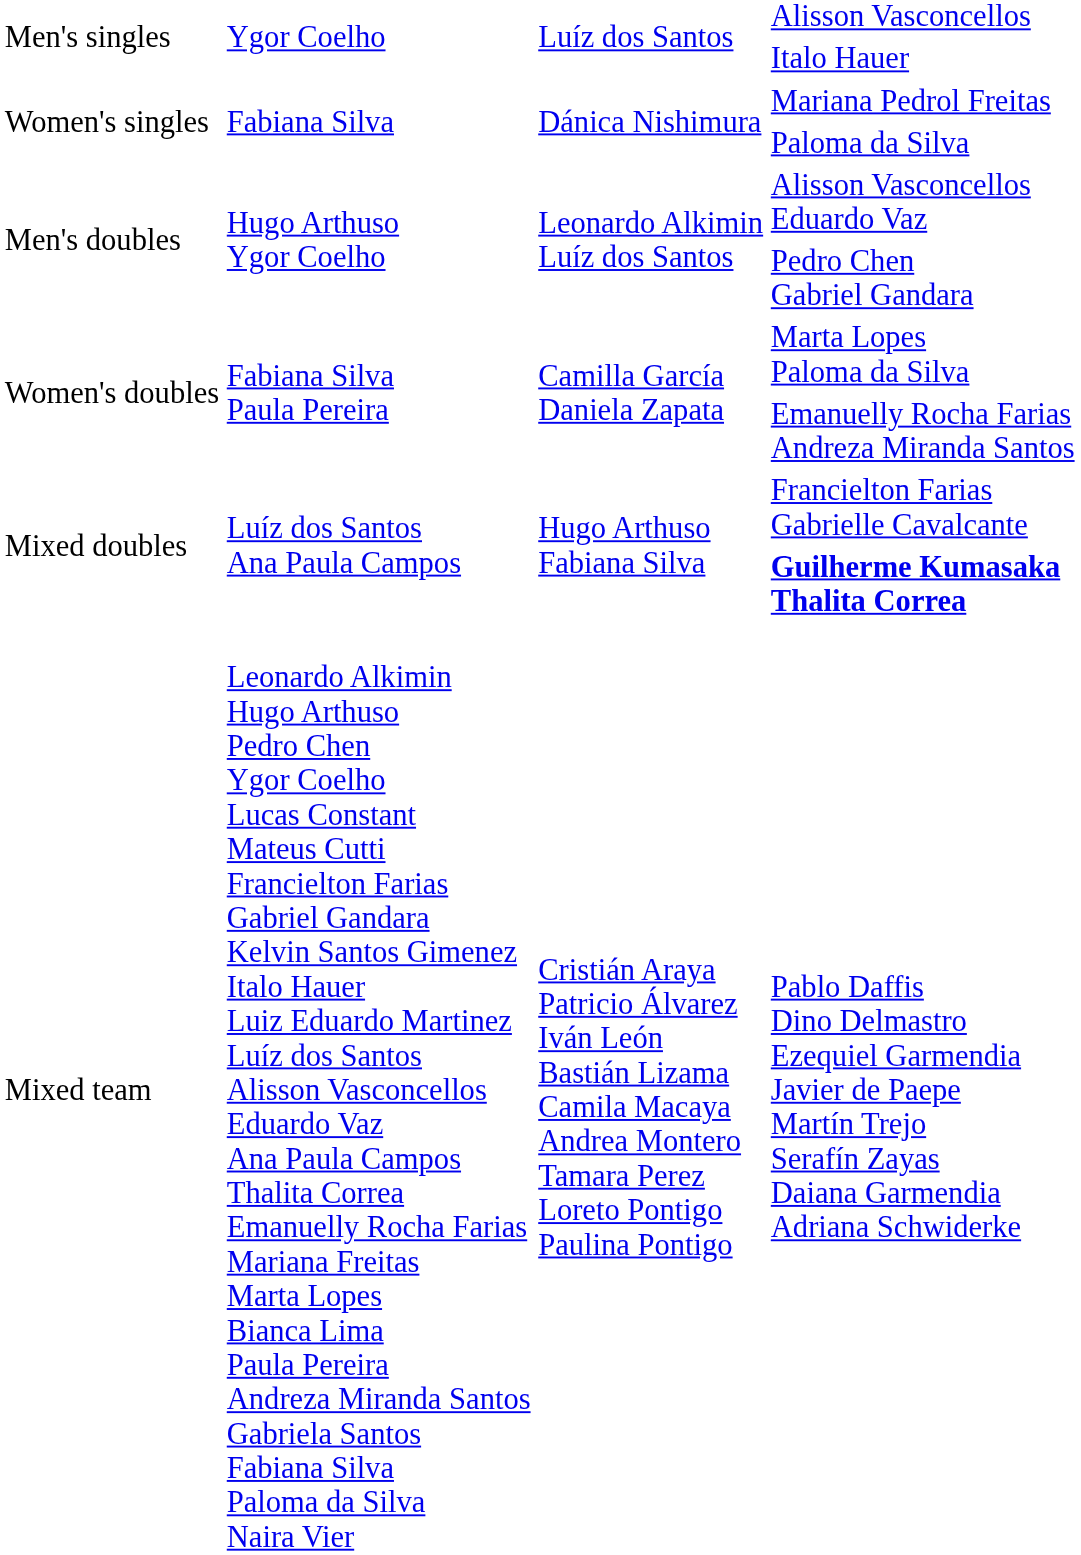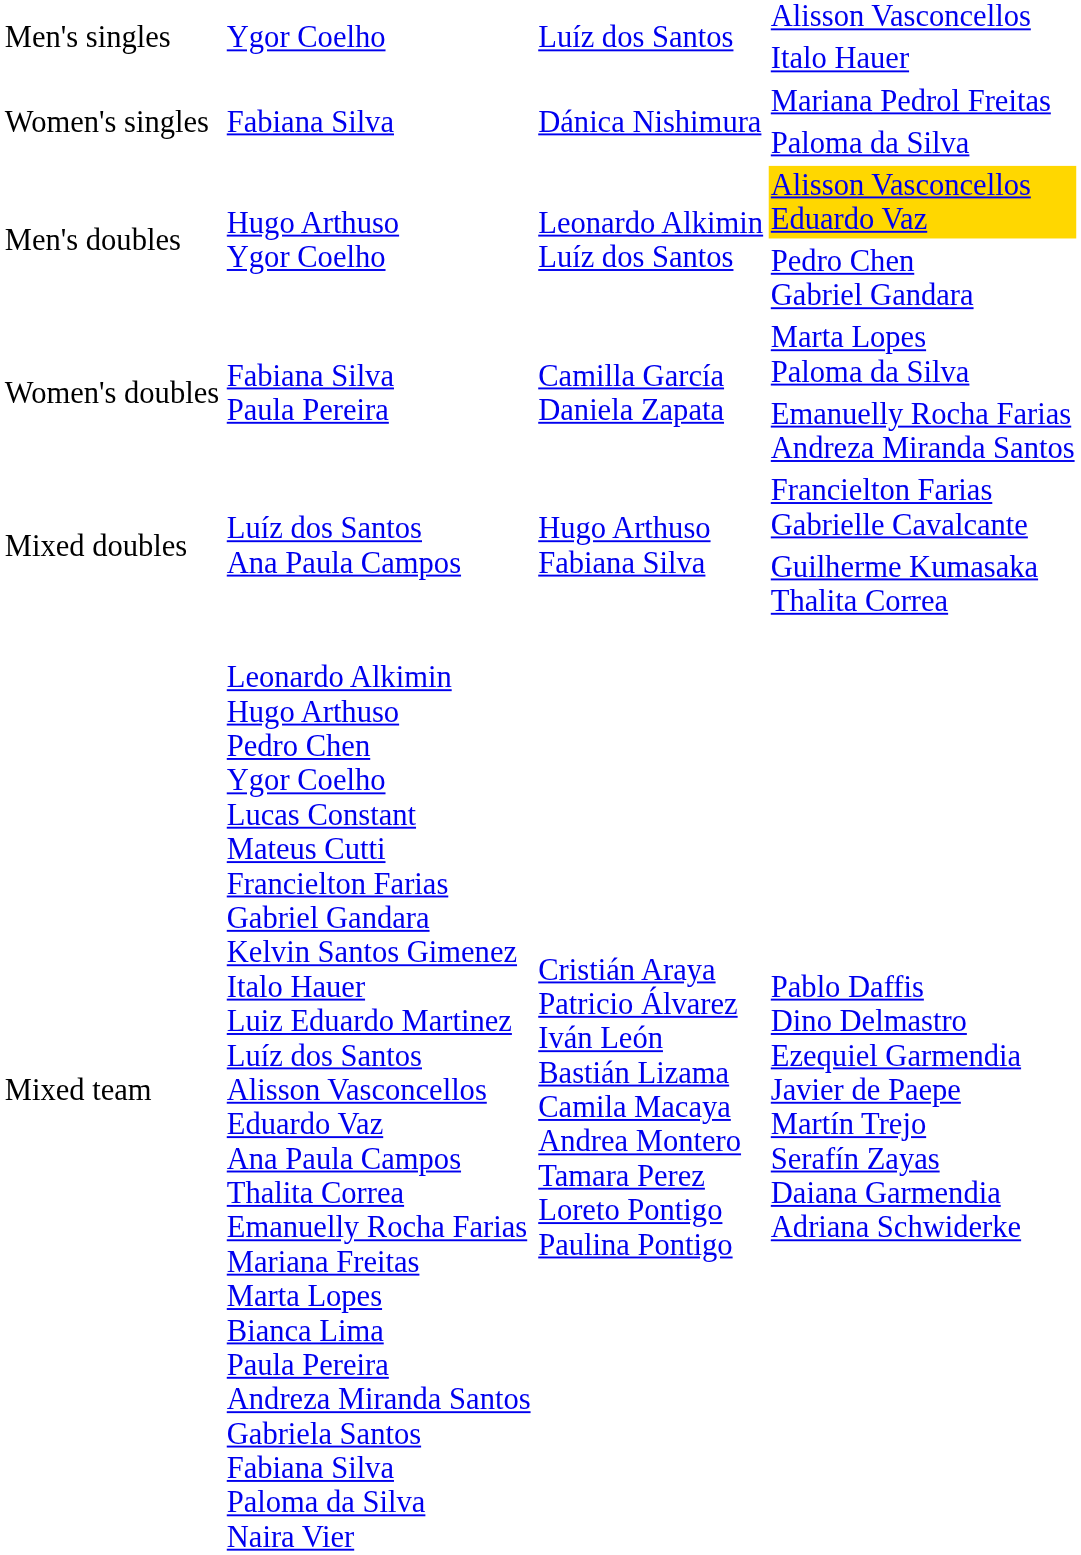 <table>
 <tr>
 <td rowspan="2">Men's singles</td>
 <td rowspan="2"> <a href='#'>Ygor Coelho</a></td>
 <td rowspan="2"> <a href='#'>Luíz dos Santos</a></td>
 <td> <a href='#'>Alisson Vasconcellos</a></td>
 </tr>
 <tr>
 <td> <a href='#'>Italo Hauer</a></td>
 </tr>
 <tr>
 <td rowspan="2">Women's singles</td>
 <td rowspan="2"> <a href='#'>Fabiana Silva</a></td>
 <td rowspan="2"> <a href='#'>Dánica Nishimura</a></td>
 <td> <a href='#'>Mariana Pedrol Freitas</a></td>
 </tr>
 <tr>
 <td> <a href='#'>Paloma da Silva</a></td>
 </tr>
 <tr>
 <td rowspan="2">Men's doubles</td>
 <td rowspan="2"> <a href='#'>Hugo Arthuso</a><br> <a href='#'>Ygor Coelho</a></td>
 <td rowspan="2"> <a href='#'>Leonardo Alkimin</a><br> <a href='#'>Luíz dos Santos</a></td>
-<td> <a href='#'>Alisson Vasconcellos</a><br> <a href='#'>Eduardo Vaz</a></td>
+<td style="background: gold;"> <a href='#'>Alisson Vasconcellos</a><br> <a href='#'>Eduardo Vaz</a></td>
 </tr>
 <tr>
 <td> <a href='#'>Pedro Chen</a><br> <a href='#'>Gabriel Gandara</a></td>
 </tr>
 <tr>
 <td rowspan="2">Women's doubles</td>
 <td rowspan="2"> <a href='#'>Fabiana Silva</a><br> <a href='#'>Paula Pereira</a></td>
 <td rowspan="2"> <a href='#'>Camilla García</a><br> <a href='#'>Daniela Zapata</a></td>
 <td> <a href='#'>Marta Lopes</a><br> <a href='#'>Paloma da Silva</a></td>
 </tr>
 <tr>
 <td> <a href='#'>Emanuelly Rocha Farias</a><br> <a href='#'>Andreza Miranda Santos</a></td>
 </tr>
 <tr>
 <td rowspan="2">Mixed doubles</td>
 <td rowspan="2"> <a href='#'>Luíz dos Santos</a><br> <a href='#'>Ana Paula Campos</a></td>
 <td rowspan="2"> <a href='#'>Hugo Arthuso</a><br> <a href='#'>Fabiana Silva</a></td>
 <td> <a href='#'>Francielton Farias</a><br> <a href='#'>Gabrielle Cavalcante</a></td>
 </tr>
 <tr>
-<td><strong> <a href='#'>Guilherme Kumasaka</a><br> <a href='#'>Thalita Correa</a></strong></td>
+<td> <a href='#'>Guilherme Kumasaka</a><br> <a href='#'>Thalita Correa</a></td>
 </tr>
 <tr>
 <td>Mixed team</td>
 <td align="left"><br><a href='#'>Leonardo Alkimin</a><br><a href='#'>Hugo Arthuso</a><br><a href='#'>Pedro Chen</a><br><a href='#'>Ygor Coelho</a><br><a href='#'>Lucas Constant</a><br><a href='#'>Mateus Cutti</a><br><a href='#'>Francielton Farias</a><br><a href='#'>Gabriel Gandara</a><br><a href='#'>Kelvin Santos Gimenez</a><br><a href='#'>Italo Hauer</a><br><a href='#'>Luiz Eduardo Martinez</a><br><a href='#'>Luíz dos Santos</a><br><a href='#'>Alisson Vasconcellos</a><br><a href='#'>Eduardo Vaz</a><br><a href='#'>Ana Paula Campos</a><br><a href='#'>Thalita Correa</a><br><a href='#'>Emanuelly Rocha Farias</a><br><a href='#'>Mariana Freitas</a><br><a href='#'>Marta Lopes</a><br><a href='#'>Bianca Lima</a><br><a href='#'>Paula Pereira</a><br><a href='#'>Andreza Miranda Santos</a><br><a href='#'>Gabriela Santos</a><br><a href='#'>Fabiana Silva</a><br><a href='#'>Paloma da Silva</a><br><a href='#'>Naira Vier</a></td>
 <td align="left"><br><a href='#'>Cristián Araya</a><br><a href='#'>Patricio Álvarez</a><br><a href='#'>Iván León</a><br><a href='#'>Bastián Lizama</a><br><a href='#'>Camila Macaya</a><br><a href='#'>Andrea Montero</a><br><a href='#'>Tamara Perez</a><br><a href='#'>Loreto Pontigo</a><br><a href='#'>Paulina Pontigo</a></td>
 <td align="left"><br><a href='#'>Pablo Daffis</a><br><a href='#'>Dino Delmastro</a><br><a href='#'>Ezequiel Garmendia</a><br><a href='#'>Javier de Paepe</a><br><a href='#'>Martín Trejo</a><br><a href='#'>Serafín Zayas</a><br><a href='#'>Daiana Garmendia</a><br><a href='#'>Adriana Schwiderke</a></td>
 </tr>
 </table>
